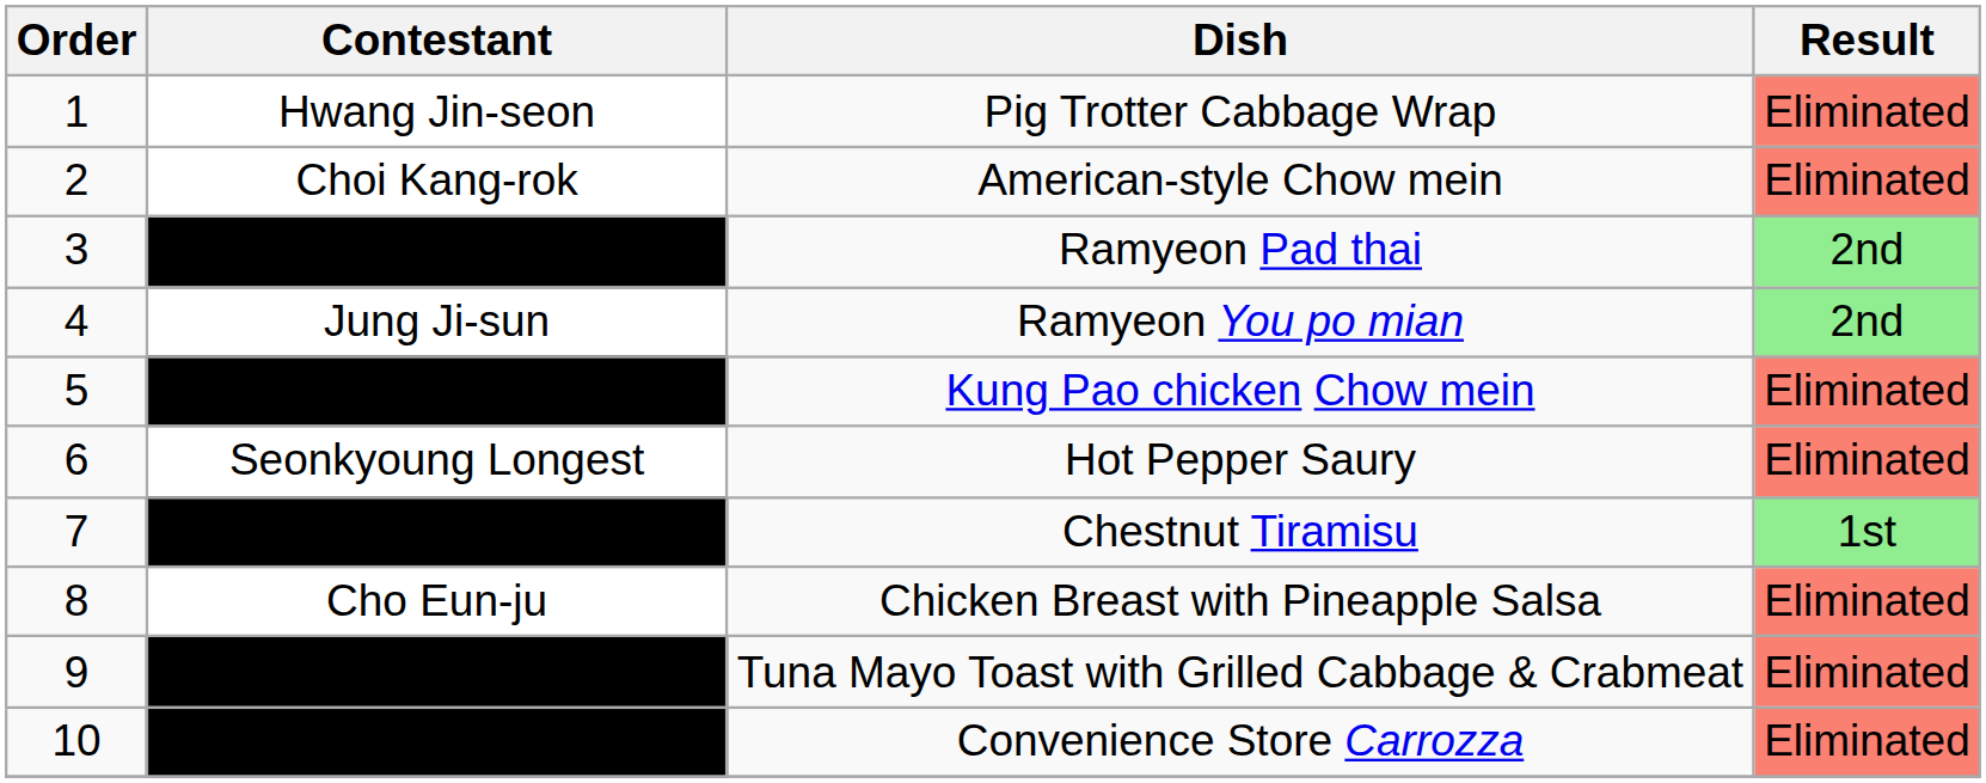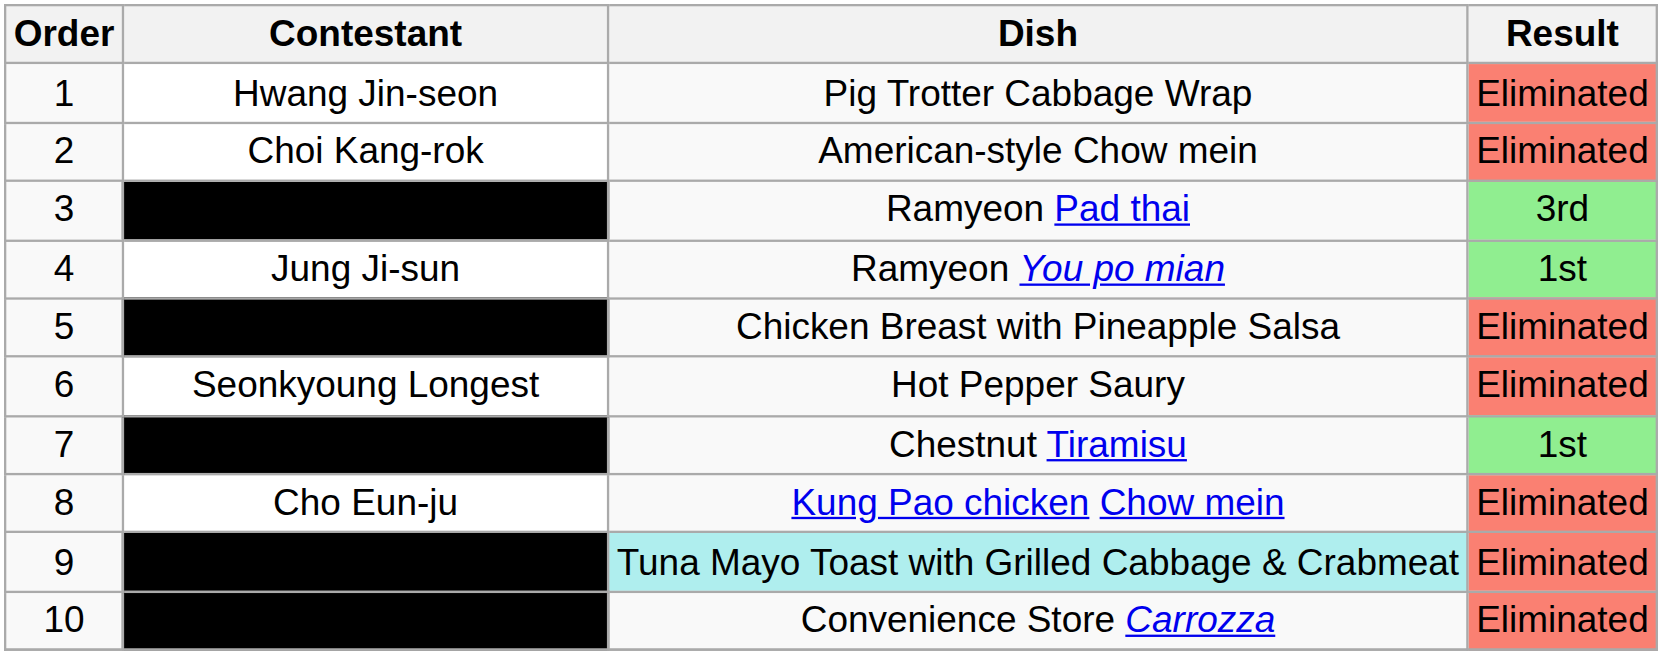 <table class="wikitable sortable" style="text-align:center">
 <tr>
 <th>Order</th>
 <th>Contestant</th>
 <th>Dish</th>
 <th>Result</th>
 </tr>
 <tr>
 <td>1</td>
 <td style="background:White">Hwang Jin-seon</td>
 <td>Pig Trotter Cabbage Wrap</td>
 <td style="background:salmon">Eliminated</td>
 </tr>
 <tr>
 <td>2</td>
 <td style="background:White">Choi Kang-rok</td>
 <td>American-style Chow mein</td>
 <td style="background:salmon">Eliminated</td>
 </tr>
 <tr>
 <td>3</td>
 <td style="background:Black"><span>Cooking Maniac</span></td>
 <td>Ramyeon <a href='#'>Pad thai</a></td>
-<td style="background:#90EE90">2nd</td>
+<td style="background:#90EE90">3rd</td>
 </tr>
 <tr>
 <td>4</td>
 <td style="background:White">Jung Ji-sun</td>
 <td>Ramyeon <em><a href='#'>You po mian</a></em></td>
-<td style="background:#90EE90">2nd</td>
+<td style="background:#90EE90">1st</td>
 </tr>
 <tr>
 <td>5</td>
 <td style="background:Black"><span>Goddess of Chinese Cuisine</span></td>
-<td><a href='#'>Kung Pao chicken</a> <a href='#'>Chow mein</a></td>
+<td>Chicken Breast with Pineapple Salsa</td>
 <td style="background:salmon">Eliminated</td>
 </tr>
 <tr>
 <td>6</td>
 <td style="background:White">Seonkyoung Longest</td>
 <td>Hot Pepper Saury</td>
 <td style="background:salmon">Eliminated</td>
 </tr>
 <tr>
 <td>7</td>
 <td style="background:Black"><span>Napoli Matfia</span></td>
 <td>Chestnut <a href='#'>Tiramisu</a></td>
 <td style="background:#90EE90">1st</td>
 </tr>
 <tr>
 <td>8</td>
 <td style="background:White">Cho Eun-ju</td>
-<td>Chicken Breast with Pineapple Salsa</td>
+<td><a href='#'>Kung Pao chicken</a> <a href='#'>Chow mein</a></td>
 <td style="background:salmon">Eliminated</td>
 </tr>
 <tr>
 <td>9</td>
 <td style="background:Black"><span>Hidden Genius</span></td>
-<td>Tuna Mayo Toast with Grilled Cabbage & Crabmeat</td>
+<td style="background: paleturquoise;">Tuna Mayo Toast with Grilled Cabbage & Crabmeat</td>
 <td style="background:salmon">Eliminated</td>
 </tr>
 <tr>
 <td>10</td>
 <td style="background:Black"><span>Chef Spark</span></td>
 <td>Convenience Store <em><a href='#'>Carrozza</a></em></td>
 <td style="background:salmon">Eliminated</td>
 </tr>
 <tr>
 </tr>
 </table>
